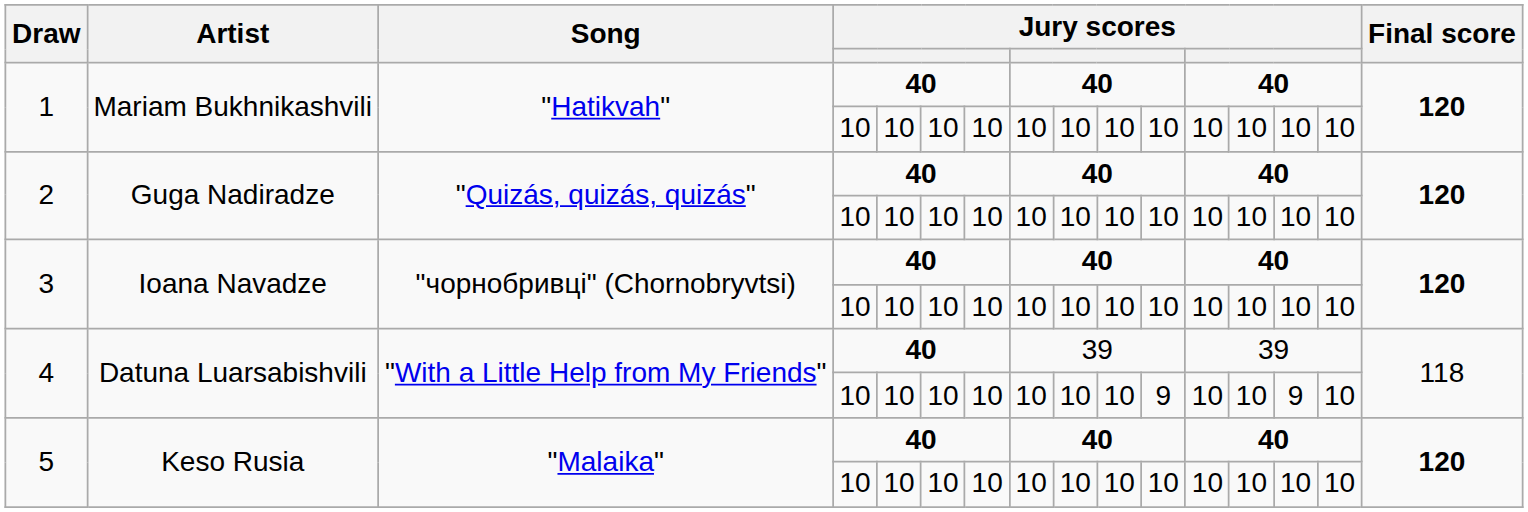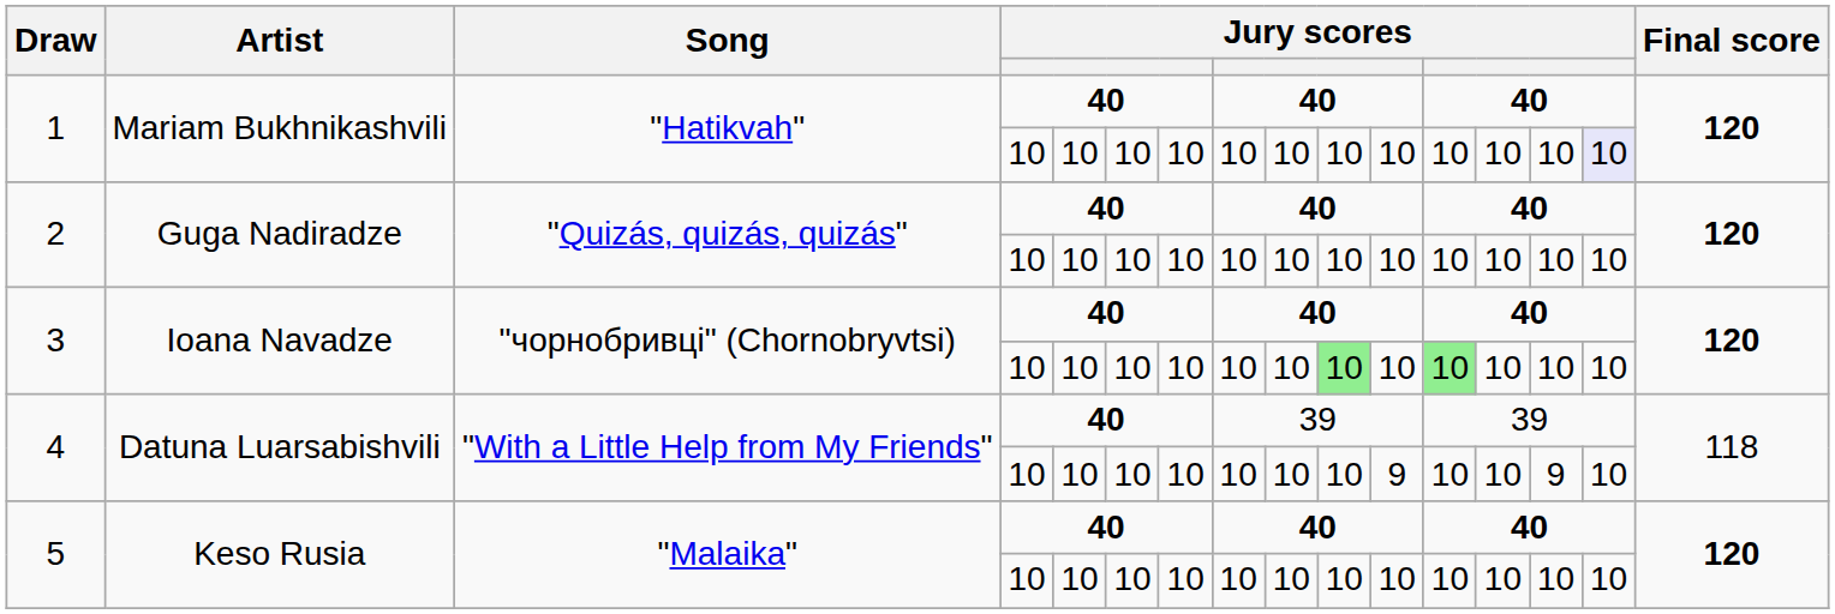 <table class="sortable wikitable" style="text-align:center;margin:1em auto 1em auto">
 <tr>
 <th rowspan="2" scope="col">Draw</th>
 <th rowspan="2" scope="col">Artist</th>
 <th rowspan="2" scope="col">Song</th>
 <th colspan="12" scope="col">Jury scores</th>
 <th rowspan="2" scope="col">Final score</th>
 </tr>
 <tr>
 <th colspan="4" scope="col" class="unsortable"><small></small></th>
 <th colspan="4" scope="col" class="unsortable"><small></small></th>
 <th colspan="4" scope="col" class="unsortable"><small></small></th>
 </tr>
 <tr>
 <td rowspan="2">1</td>
 <td rowspan="2">Mariam Bukhnikashvili</td>
 <td rowspan="2">"<a href='#'>Hatikvah</a>"<br></td>
 <td colspan="4"><strong>40</strong></td>
 <td colspan="4"><strong>40</strong></td>
 <td colspan="4"><strong>40</strong></td>
 <td rowspan="2"><strong>120</strong></td>
 </tr>
 <tr>
 <td>10</td>
 <td>10</td>
 <td>10</td>
 <td>10</td>
 <td>10</td>
 <td>10</td>
 <td>10</td>
 <td>10</td>
 <td>10</td>
 <td>10</td>
 <td>10</td>
-<td>10</td>
+<td style="background: lavender;">10</td>
 </tr>
 <tr>
 <td rowspan="2">2</td>
 <td rowspan="2">Guga Nadiradze</td>
 <td rowspan="2">"<a href='#'>Quizás, quizás, quizás</a>"<br></td>
 <td colspan="4"><strong>40</strong></td>
 <td colspan="4"><strong>40</strong></td>
 <td colspan="4"><strong>40</strong></td>
 <td rowspan="2"><strong>120</strong></td>
 </tr>
 <tr>
 <td>10</td>
 <td>10</td>
 <td>10</td>
 <td>10</td>
 <td>10</td>
 <td>10</td>
 <td>10</td>
 <td>10</td>
 <td>10</td>
 <td>10</td>
 <td>10</td>
 <td>10</td>
 </tr>
 <tr>
 <td rowspan="2">3</td>
 <td rowspan="2">Ioana Navadze</td>
 <td rowspan="2">"чорнобривці" (Chornobryvtsi)</td>
 <td colspan="4"><strong>40</strong></td>
 <td colspan="4"><strong>40</strong></td>
 <td colspan="4"><strong>40</strong></td>
 <td rowspan="2"><strong>120</strong></td>
 </tr>
 <tr>
 <td>10</td>
 <td>10</td>
 <td>10</td>
 <td>10</td>
 <td>10</td>
 <td>10</td>
+<td style="background: lightgreen;">10</td>
 <td>10</td>
-<td>10</td>
-<td>10</td>
+<td style="background: lightgreen;">10</td>
 <td>10</td>
 <td>10</td>
 <td>10</td>
 </tr>
 <tr>
 <td rowspan="2">4</td>
 <td rowspan="2">Datuna Luarsabishvili</td>
 <td rowspan="2">"<a href='#'>With a Little Help from My Friends</a>"<br></td>
 <td colspan="4"><strong>40</strong></td>
 <td colspan="4">39</td>
 <td colspan="4">39</td>
 <td rowspan="2">118</td>
 </tr>
 <tr>
 <td>10</td>
 <td>10</td>
 <td>10</td>
 <td>10</td>
 <td>10</td>
 <td>10</td>
 <td>10</td>
 <td>9</td>
 <td>10</td>
 <td>10</td>
 <td>9</td>
 <td>10</td>
 </tr>
 <tr>
 <td rowspan="2">5</td>
 <td rowspan="2">Keso Rusia</td>
 <td rowspan="2">"<a href='#'>Malaika</a>"<br></td>
 <td colspan="4"><strong>40</strong></td>
 <td colspan="4"><strong>40</strong></td>
 <td colspan="4"><strong>40</strong></td>
 <td rowspan="2"><strong>120</strong></td>
 </tr>
 <tr>
 <td>10</td>
 <td>10</td>
 <td>10</td>
 <td>10</td>
 <td>10</td>
 <td>10</td>
 <td>10</td>
 <td>10</td>
 <td>10</td>
 <td>10</td>
 <td>10</td>
 <td>10</td>
 </tr>
 </table>
